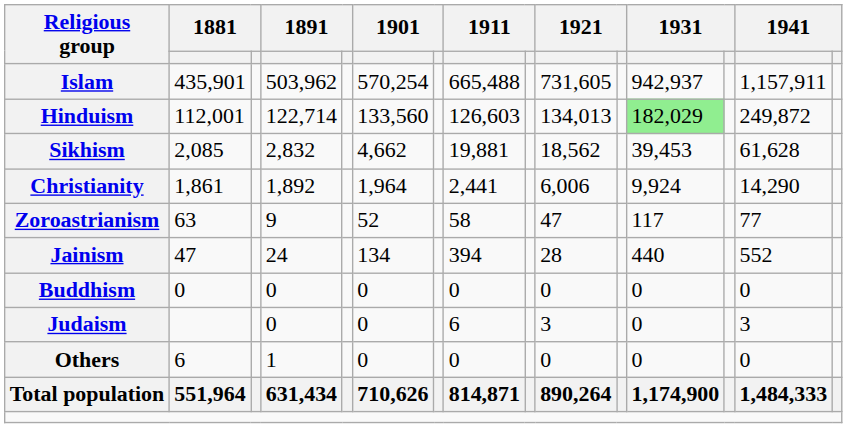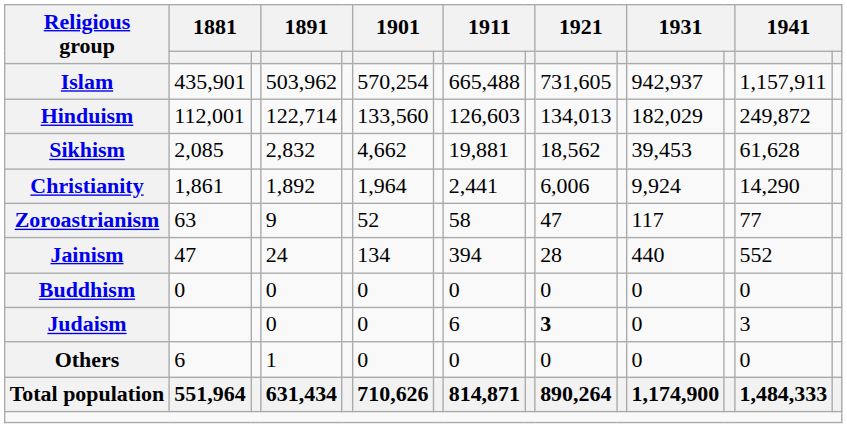 <table class="wikitable sortable">
 <tr>
 <th rowspan="2"><a href='#'>Religious</a><br>group</th>
 <th colspan="2">1881</th>
 <th colspan="2">1891</th>
 <th colspan="2">1901</th>
 <th colspan="2">1911</th>
 <th colspan="2">1921</th>
 <th colspan="2">1931</th>
 <th colspan="2">1941</th>
 </tr>
 <tr>
 <th><a href='#'></a></th>
 <th></th>
 <th></th>
 <th></th>
 <th></th>
 <th></th>
 <th></th>
 <th></th>
 <th></th>
 <th></th>
 <th></th>
 <th></th>
 <th></th>
 <th></th>
 </tr>
 <tr>
 <th><a href='#'>Islam</a> </th>
 <td>435,901</td>
 <td></td>
 <td>503,962</td>
 <td></td>
 <td>570,254</td>
 <td></td>
 <td>665,488</td>
 <td></td>
 <td>731,605</td>
 <td></td>
 <td>942,937</td>
 <td></td>
 <td>1,157,911</td>
 <td></td>
 </tr>
 <tr>
 <th><a href='#'>Hinduism</a> </th>
 <td>112,001</td>
 <td></td>
 <td>122,714</td>
 <td></td>
 <td>133,560</td>
 <td></td>
 <td>126,603</td>
 <td></td>
 <td>134,013</td>
 <td></td>
-<td style="background: lightgreen;">182,029</td>
+<td>182,029</td>
 <td></td>
 <td>249,872</td>
 <td></td>
 </tr>
 <tr>
 <th><a href='#'>Sikhism</a> </th>
 <td>2,085</td>
 <td></td>
 <td>2,832</td>
 <td></td>
 <td>4,662</td>
 <td></td>
 <td>19,881</td>
 <td></td>
 <td>18,562</td>
 <td></td>
 <td>39,453</td>
 <td></td>
 <td>61,628</td>
 <td></td>
 </tr>
 <tr>
 <th><a href='#'>Christianity</a> </th>
 <td>1,861</td>
 <td></td>
 <td>1,892</td>
 <td></td>
 <td>1,964</td>
 <td></td>
 <td>2,441</td>
 <td></td>
 <td>6,006</td>
 <td></td>
 <td>9,924</td>
 <td></td>
 <td>14,290</td>
 <td></td>
 </tr>
 <tr>
 <th><a href='#'>Zoroastrianism</a> </th>
 <td>63</td>
 <td></td>
 <td>9</td>
 <td></td>
 <td>52</td>
 <td></td>
 <td>58</td>
 <td></td>
 <td>47</td>
 <td></td>
 <td>117</td>
 <td></td>
 <td>77</td>
 <td></td>
 </tr>
 <tr>
 <th><a href='#'>Jainism</a> </th>
 <td>47</td>
 <td></td>
 <td>24</td>
 <td></td>
 <td>134</td>
 <td></td>
 <td>394</td>
 <td></td>
 <td>28</td>
 <td></td>
 <td>440</td>
 <td></td>
 <td>552</td>
 <td></td>
 </tr>
 <tr>
 <th><a href='#'>Buddhism</a> </th>
 <td>0</td>
 <td></td>
 <td>0</td>
 <td></td>
 <td>0</td>
 <td></td>
 <td>0</td>
 <td></td>
 <td>0</td>
 <td></td>
 <td>0</td>
 <td></td>
 <td>0</td>
 <td></td>
 </tr>
 <tr>
 <th><a href='#'>Judaism</a> </th>
 <td></td>
 <td></td>
 <td>0</td>
 <td></td>
 <td>0</td>
 <td></td>
 <td>6</td>
 <td></td>
-<td>3</td>
+<td><strong>3</strong></td>
 <td></td>
 <td>0</td>
 <td></td>
 <td>3</td>
 <td></td>
 </tr>
 <tr>
 <th>Others</th>
 <td>6</td>
 <td></td>
 <td>1</td>
 <td></td>
 <td>0</td>
 <td></td>
 <td>0</td>
 <td></td>
 <td>0</td>
 <td></td>
 <td>0</td>
 <td></td>
 <td>0</td>
 <td></td>
 </tr>
 <tr>
 <th>Total population</th>
 <th>551,964</th>
 <th></th>
 <th>631,434</th>
 <th></th>
 <th>710,626</th>
 <th></th>
 <th>814,871</th>
 <th></th>
 <th>890,264</th>
 <th></th>
 <th>1,174,900</th>
 <th></th>
 <th>1,484,333</th>
 <th></th>
 </tr>
 <tr class="sortbottom">
 <td colspan="15"></td>
 </tr>
 </table>
